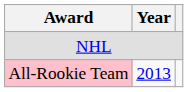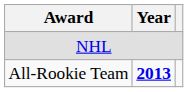 <table class="wikitable">
 <tr>
 <th>Award</th>
 <th>Year</th>
 <th></th>
 </tr>
 <tr ALIGN="center" bgcolor="#e0e0e0">
 <td colspan="3"><a href='#'>NHL</a></td>
 </tr>
 <tr>
-<td style="background: pink;">All-Rookie Team</td>
-<td><a href='#'>2013</a></td>
+<td>All-Rookie Team</td>
+<td><strong><a href='#'>2013</a></strong></td>
 <td></td>
 </tr>
 </table>
